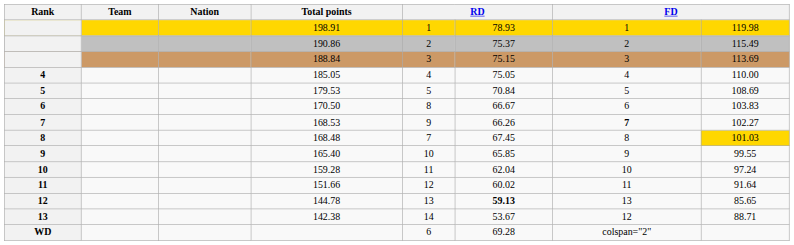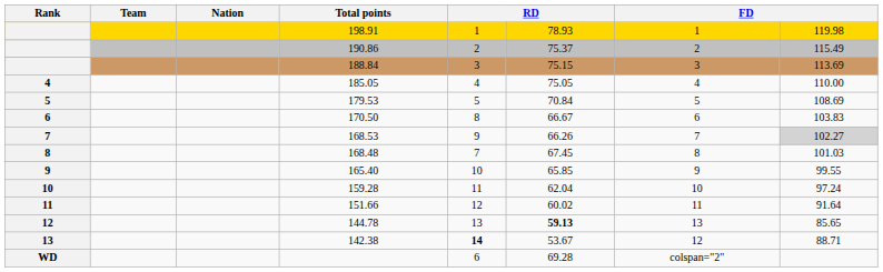 <table class="wikitable sortable" style="text-align:center;" width="80%">
 <tr>
 <th scope="col">Rank</th>
 <th scope="col">Team</th>
 <th scope="col">Nation</th>
 <th scope="col">Total points</th>
 <th scope="col" colspan="2" width="80px"><a href='#'>RD</a></th>
 <th scope="col" colspan="2" width="80px"><a href='#'>FD</a></th>
 </tr>
 <tr bgcolor="gold">
 <th scope="row"></th>
 <td align="left"></td>
 <td align="left"></td>
 <td>198.91</td>
 <td>1</td>
 <td>78.93</td>
 <td>1</td>
 <td>119.98</td>
 </tr>
 <tr bgcolor="silver">
 <th scope="row"></th>
 <td align="left"></td>
 <td align="left"></td>
 <td>190.86</td>
 <td>2</td>
 <td>75.37</td>
 <td>2</td>
 <td>115.49</td>
 </tr>
 <tr bgcolor="cc9966">
 <th scope="row"></th>
 <td align="left"></td>
 <td align="left"></td>
 <td>188.84</td>
 <td>3</td>
 <td>75.15</td>
 <td>3</td>
 <td>113.69</td>
 </tr>
 <tr>
 <th scope="row">4</th>
 <td align="left"></td>
 <td align="left"></td>
 <td>185.05</td>
 <td>4</td>
 <td>75.05</td>
 <td>4</td>
 <td>110.00</td>
 </tr>
 <tr>
 <th scope="row">5</th>
 <td align="left"></td>
 <td align="left"></td>
 <td>179.53</td>
 <td>5</td>
 <td>70.84</td>
 <td>5</td>
 <td>108.69</td>
 </tr>
 <tr>
 <th scope="row">6</th>
 <td align="left"></td>
 <td align="left"></td>
 <td>170.50</td>
 <td>8</td>
 <td>66.67</td>
 <td>6</td>
 <td>103.83</td>
 </tr>
 <tr>
 <th scope="row">7</th>
 <td align="left"></td>
 <td align="left"></td>
 <td>168.53</td>
 <td>9</td>
 <td>66.26</td>
-<td><strong>7</strong></td>
-<td>102.27</td>
+<td>7</td>
+<td style="background: lightgrey;">102.27</td>
 </tr>
 <tr>
 <th scope="row">8</th>
 <td align="left"></td>
 <td align="left"></td>
 <td>168.48</td>
 <td>7</td>
 <td>67.45</td>
 <td>8</td>
-<td style="background: gold;">101.03</td>
+<td>101.03</td>
 </tr>
 <tr>
 <th scope="row">9</th>
 <td align="left"></td>
 <td align="left"></td>
 <td>165.40</td>
 <td>10</td>
 <td>65.85</td>
 <td>9</td>
 <td>99.55</td>
 </tr>
 <tr>
 <th scope="row">10</th>
 <td align="left"></td>
 <td align="left"></td>
 <td>159.28</td>
 <td>11</td>
 <td>62.04</td>
 <td>10</td>
 <td>97.24</td>
 </tr>
 <tr>
 <th scope="row">11</th>
 <td align="left"></td>
 <td align="left"></td>
 <td>151.66</td>
 <td>12</td>
 <td>60.02</td>
 <td>11</td>
 <td>91.64</td>
 </tr>
 <tr>
 <th scope="row">12</th>
 <td align="left"></td>
 <td align="left"></td>
 <td>144.78</td>
 <td>13</td>
 <td><strong>59.13</strong></td>
 <td>13</td>
 <td>85.65</td>
 </tr>
 <tr>
 <th scope="row">13</th>
 <td align="left"></td>
 <td align="left"></td>
 <td>142.38</td>
-<td>14</td>
+<td><strong>14</strong></td>
 <td>53.67</td>
 <td>12</td>
 <td>88.71</td>
 </tr>
 <tr>
 <th scope="row">WD</th>
 <td align="left"></td>
 <td align="left"></td>
 <td></td>
 <td>6</td>
 <td>69.28</td>
 <td>colspan="2" </td>
 </tr>
 </table>
